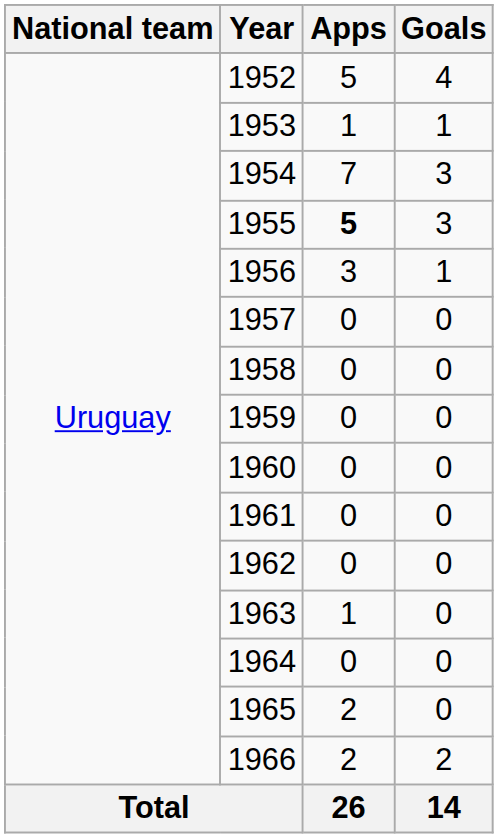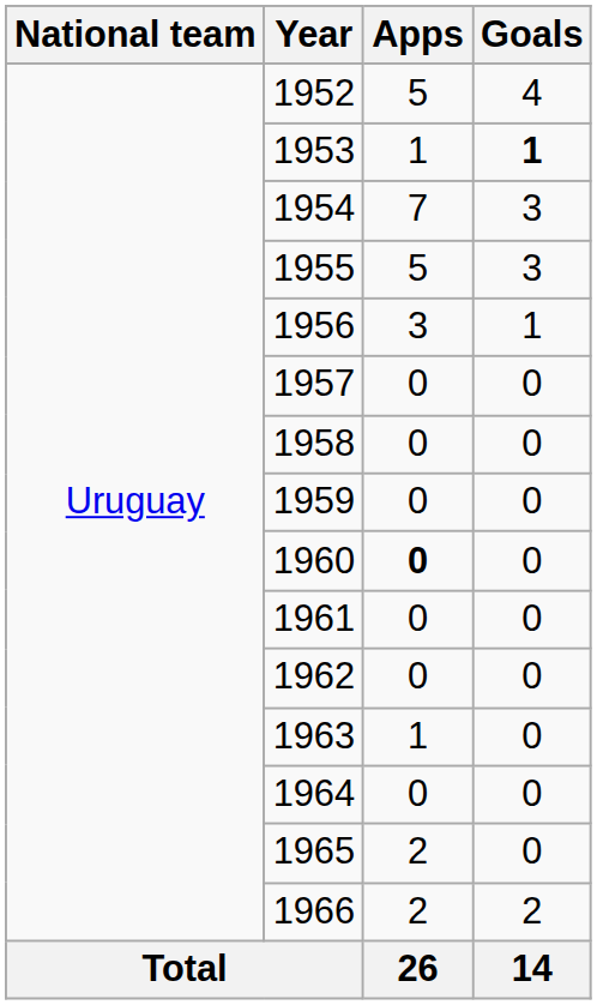 <table class=wikitable style=text-align:center>
 <tr>
 <th>National team</th>
 <th>Year</th>
 <th>Apps</th>
 <th>Goals</th>
 </tr>
 <tr>
 <td rowspan=15><a href='#'>Uruguay</a></td>
 <td>1952</td>
 <td>5</td>
 <td>4</td>
 </tr>
 <tr>
 <td>1953</td>
 <td>1</td>
-<td>1</td>
+<td><strong>1</strong></td>
 </tr>
 <tr>
 <td>1954</td>
 <td>7</td>
 <td>3</td>
 </tr>
 <tr>
 <td>1955</td>
-<td><strong>5</strong></td>
+<td>5</td>
 <td>3</td>
 </tr>
 <tr>
 <td>1956</td>
 <td>3</td>
 <td>1</td>
 </tr>
 <tr>
 <td>1957</td>
 <td>0</td>
 <td>0</td>
 </tr>
 <tr>
 <td>1958</td>
 <td>0</td>
 <td>0</td>
 </tr>
 <tr>
 <td>1959</td>
 <td>0</td>
 <td>0</td>
 </tr>
 <tr>
 <td>1960</td>
-<td>0</td>
+<td><strong>0</strong></td>
 <td>0</td>
 </tr>
 <tr>
 <td>1961</td>
 <td>0</td>
 <td>0</td>
 </tr>
 <tr>
 <td>1962</td>
 <td>0</td>
 <td>0</td>
 </tr>
 <tr>
 <td>1963</td>
 <td>1</td>
 <td>0</td>
 </tr>
 <tr>
 <td>1964</td>
 <td>0</td>
 <td>0</td>
 </tr>
 <tr>
 <td>1965</td>
 <td>2</td>
 <td>0</td>
 </tr>
 <tr>
 <td>1966</td>
 <td>2</td>
 <td>2</td>
 </tr>
 <tr>
 <th colspan=2>Total</th>
 <th>26</th>
 <th>14</th>
 </tr>
 </table>
